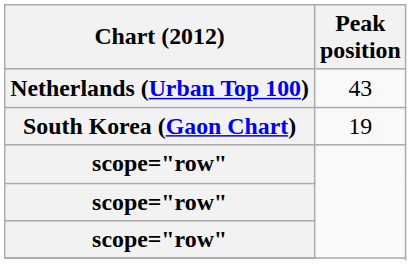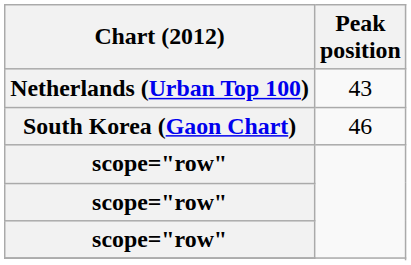 <table class="wikitable plainrowheaders sortable">
 <tr>
 <th scope="col">Chart (2012)</th>
 <th scope="col">Peak<br>position</th>
 </tr>
 <tr>
 <th scope="row">Netherlands (<a href='#'>Urban Top 100</a>)</th>
 <td align="center">43</td>
 </tr>
 <tr>
 <th scope="row">South Korea (<a href='#'>Gaon Chart</a>)</th>
-<td align="center">19</td>
+<td align="center">46</td>
 </tr>
 <tr>
 <th>scope="row"</th>
 </tr>
 <tr>
 <th>scope="row"</th>
 </tr>
 <tr>
 <th>scope="row"</th>
 </tr>
 <tr>
 </tr>
 </table>
